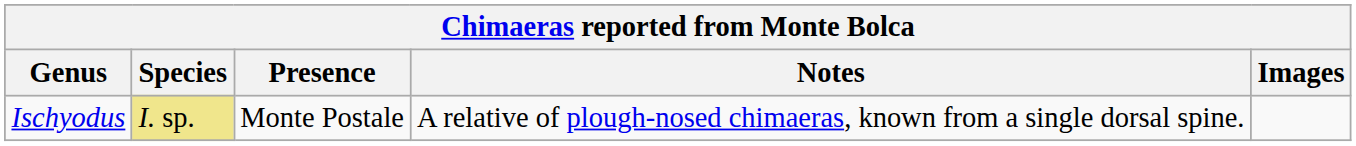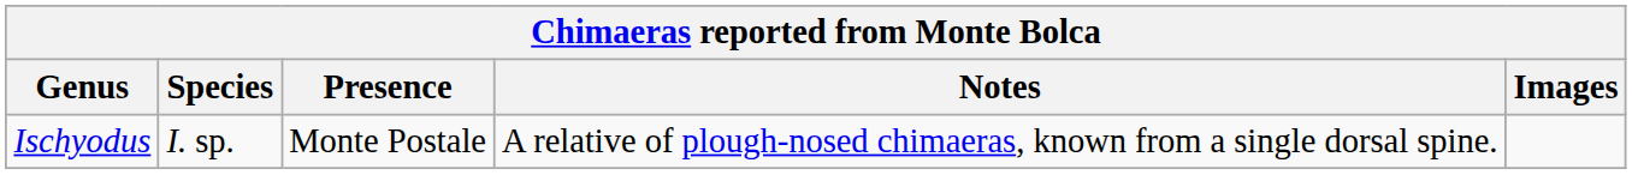 <table class="wikitable" align="center">
 <tr>
 <th colspan="5" align="center"><strong><a href='#'>Chimaeras</a> reported from Monte Bolca</strong></th>
 </tr>
 <tr>
 <th>Genus</th>
 <th>Species</th>
 <th>Presence</th>
 <th>Notes</th>
 <th>Images</th>
 </tr>
 <tr>
 <td><em><a href='#'>Ischyodus</a></em></td>
-<td style="background: khaki;"><em>I.</em> sp.</td>
+<td><em>I.</em> sp.</td>
 <td>Monte Postale</td>
 <td>A relative of <a href='#'>plough-nosed chimaeras</a>, known from a single dorsal spine.</td>
 <td></td>
 </tr>
 </table>
